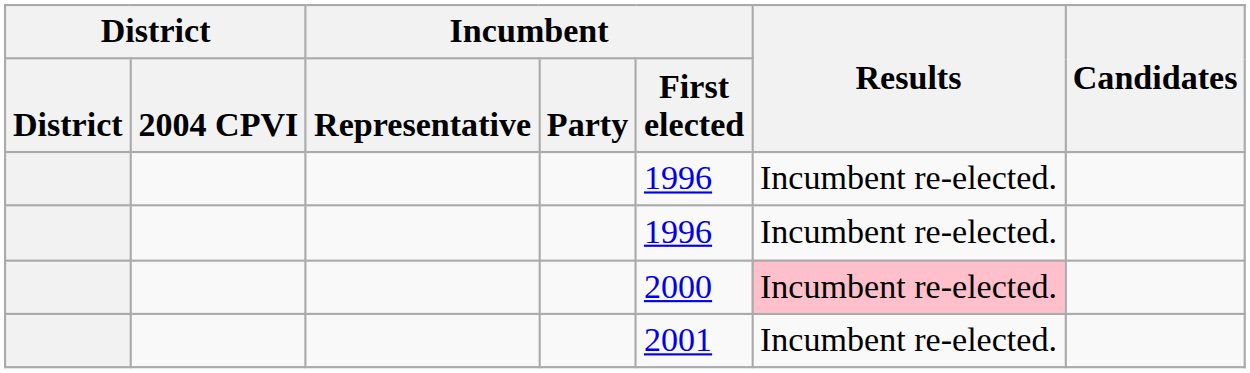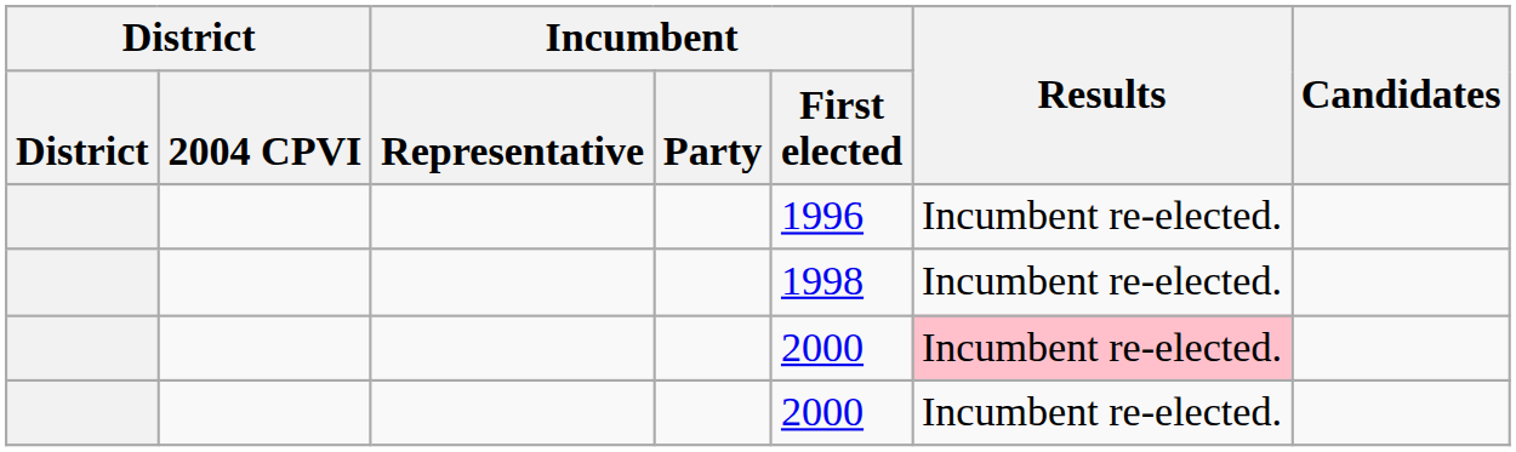 <table class="wikitable sortable">
 <tr>
 <th colspan=2>District</th>
 <th colspan=3>Incumbent</th>
 <th rowspan=2>Results</th>
 <th rowspan=2>Candidates</th>
 </tr>
 <tr valign=bottom>
 <th>District</th>
 <th>2004 CPVI</th>
 <th>Representative</th>
 <th>Party</th>
 <th>First<br>elected</th>
 </tr>
 <tr>
 <th></th>
 <td></td>
 <td></td>
 <td></td>
 <td><a href='#'>1996</a></td>
 <td>Incumbent re-elected.</td>
 <td nowrap></td>
 </tr>
 <tr>
 <th></th>
 <td></td>
 <td></td>
 <td></td>
-<td><a href='#'>1996</a></td>
+<td><a href='#'>1998</a></td>
 <td>Incumbent re-elected.</td>
 <td nowrap></td>
 </tr>
 <tr>
 <th></th>
 <td></td>
 <td></td>
 <td></td>
 <td><a href='#'>2000</a></td>
 <td style="background: pink;">Incumbent re-elected.</td>
 <td nowrap></td>
 </tr>
 <tr>
 <th></th>
 <td></td>
 <td></td>
 <td></td>
-<td><a href='#'>2001</a></td>
+<td><a href='#'>2000</a></td>
 <td>Incumbent re-elected.</td>
 <td nowrap></td>
 </tr>
 </table>
